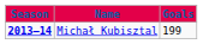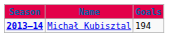 <table class="wikitable">
 <tr>
 <th style="color:#0061A9; background:#E30049">Season</th>
 <th style="color:#0061A9; background:#E30049">Name</th>
 <th style="color:#0061A9; background:#E30049">Goals</th>
 </tr>
 <tr>
 <td><strong><a href='#'>2013–14</a></strong></td>
 <td> <a href='#'>Michał Kubisztal</a></td>
-<td>199</td>
+<td>194</td>
 </tr>
 </table>
